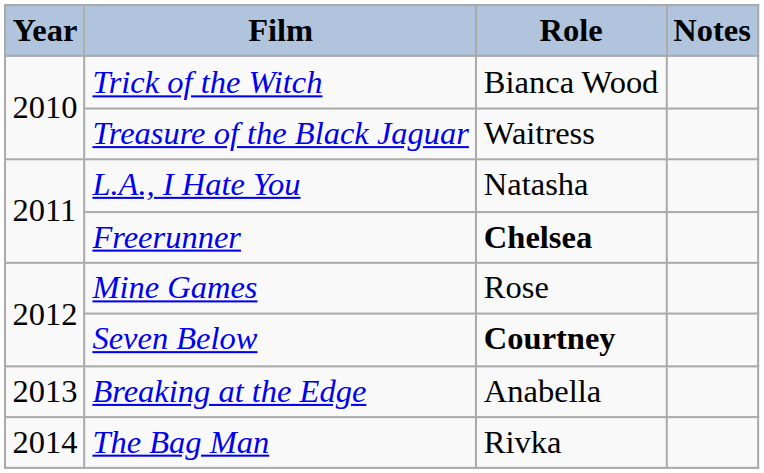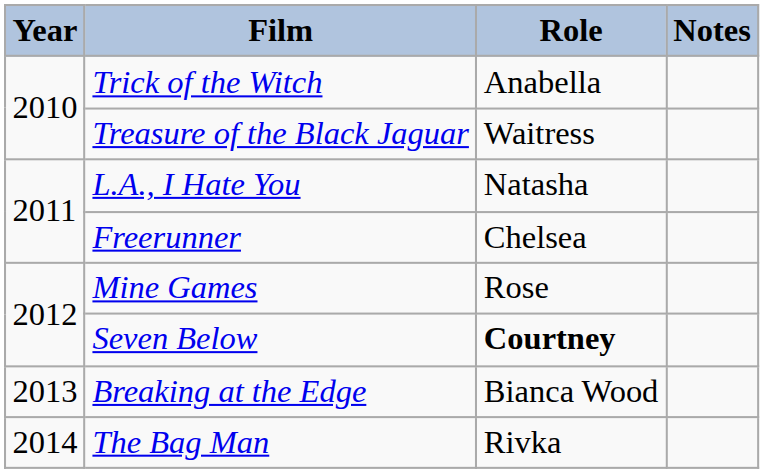 <table class="wikitable">
 <tr style="text-align:center;">
 <th style="background:#B0C4DE;">Year</th>
 <th style="background:#B0C4DE;">Film</th>
 <th style="background:#B0C4DE;">Role</th>
 <th style="background:#B0C4DE;">Notes</th>
 </tr>
 <tr>
 <td rowspan="2">2010</td>
 <td><em><a href='#'>Trick of the Witch</a></em></td>
-<td>Bianca Wood</td>
+<td>Anabella</td>
 <td></td>
 </tr>
 <tr>
 <td><em><a href='#'>Treasure of the Black Jaguar</a></em></td>
 <td>Waitress</td>
 <td></td>
 </tr>
 <tr>
 <td rowspan="2">2011</td>
 <td><em><a href='#'>L.A., I Hate You</a></em></td>
 <td>Natasha</td>
 <td></td>
 </tr>
 <tr>
 <td><em><a href='#'>Freerunner</a></em></td>
-<td><strong>Chelsea</strong></td>
+<td>Chelsea</td>
 <td></td>
 </tr>
 <tr>
 <td rowspan="2">2012</td>
 <td><em><a href='#'>Mine Games</a></em></td>
 <td>Rose</td>
 <td></td>
 </tr>
 <tr>
 <td><em><a href='#'>Seven Below</a></em></td>
 <td><strong>Courtney</strong></td>
 <td></td>
 </tr>
 <tr>
 <td rowspan="1">2013</td>
 <td><em><a href='#'>Breaking at the Edge</a></em></td>
-<td>Anabella</td>
+<td>Bianca Wood</td>
 <td></td>
 </tr>
 <tr>
 <td rowspan="1">2014</td>
 <td><em><a href='#'>The Bag Man</a></em></td>
 <td>Rivka</td>
 <td></td>
 </tr>
 </table>
